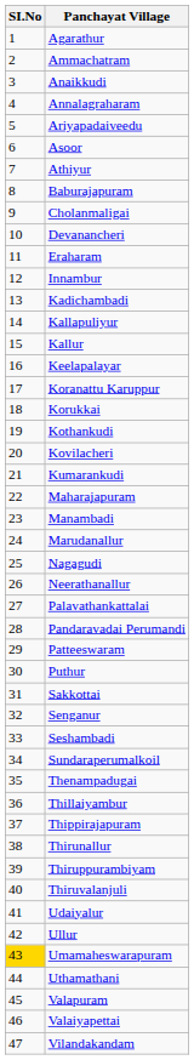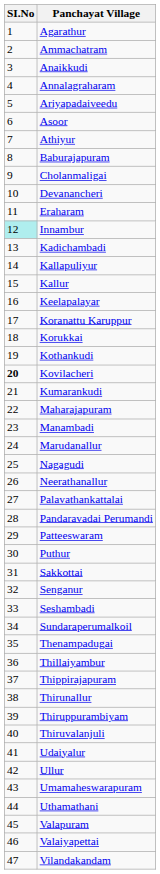 <table class="wikitable sortable">
 <tr>
 <th>SI.No</th>
 <th>Panchayat Village</th>
 </tr>
 <tr>
 <td>1</td>
 <td><a href='#'>Agarathur</a></td>
 </tr>
 <tr>
 <td>2</td>
 <td><a href='#'>Ammachatram</a></td>
 </tr>
 <tr>
 <td>3</td>
 <td><a href='#'>Anaikkudi</a></td>
 </tr>
 <tr>
 <td>4</td>
 <td><a href='#'>Annalagraharam</a></td>
 </tr>
 <tr>
 <td>5</td>
 <td><a href='#'>Ariyapadaiveedu</a></td>
 </tr>
 <tr>
 <td>6</td>
 <td><a href='#'>Asoor</a></td>
 </tr>
 <tr>
 <td>7</td>
 <td><a href='#'>Athiyur</a></td>
 </tr>
 <tr>
 <td>8</td>
 <td><a href='#'>Baburajapuram</a></td>
 </tr>
 <tr>
 <td>9</td>
 <td><a href='#'>Cholanmaligai</a></td>
 </tr>
 <tr>
 <td>10</td>
 <td><a href='#'>Devanancheri</a></td>
 </tr>
 <tr>
 <td>11</td>
 <td><a href='#'>Eraharam</a></td>
 </tr>
 <tr>
-<td>12</td>
+<td style="background: paleturquoise;">12</td>
 <td><a href='#'>Innambur</a></td>
 </tr>
 <tr>
 <td>13</td>
 <td><a href='#'>Kadichambadi</a></td>
 </tr>
 <tr>
 <td>14</td>
 <td><a href='#'>Kallapuliyur</a></td>
 </tr>
 <tr>
 <td>15</td>
 <td><a href='#'>Kallur</a></td>
 </tr>
 <tr>
 <td>16</td>
 <td><a href='#'>Keelapalayar</a></td>
 </tr>
 <tr>
 <td>17</td>
 <td><a href='#'>Koranattu Karuppur</a></td>
 </tr>
 <tr>
 <td>18</td>
 <td><a href='#'>Korukkai</a></td>
 </tr>
 <tr>
 <td>19</td>
 <td><a href='#'>Kothankudi</a></td>
 </tr>
 <tr>
-<td>20</td>
+<td><strong>20</strong></td>
 <td><a href='#'>Kovilacheri</a></td>
 </tr>
 <tr>
 <td>21</td>
 <td><a href='#'>Kumarankudi</a></td>
 </tr>
 <tr>
 <td>22</td>
 <td><a href='#'>Maharajapuram</a></td>
 </tr>
 <tr>
 <td>23</td>
 <td><a href='#'>Manambadi</a></td>
 </tr>
 <tr>
 <td>24</td>
 <td><a href='#'>Marudanallur</a></td>
 </tr>
 <tr>
 <td>25</td>
 <td><a href='#'>Nagagudi</a></td>
 </tr>
 <tr>
 <td>26</td>
 <td><a href='#'>Neerathanallur</a></td>
 </tr>
 <tr>
 <td>27</td>
 <td><a href='#'>Palavathankattalai</a></td>
 </tr>
 <tr>
 <td>28</td>
 <td><a href='#'>Pandaravadai Perumandi</a></td>
 </tr>
 <tr>
 <td>29</td>
 <td><a href='#'>Patteeswaram</a></td>
 </tr>
 <tr>
 <td>30</td>
 <td><a href='#'>Puthur</a></td>
 </tr>
 <tr>
 <td>31</td>
 <td><a href='#'>Sakkottai</a></td>
 </tr>
 <tr>
 <td>32</td>
 <td><a href='#'>Senganur</a></td>
 </tr>
 <tr>
 <td>33</td>
 <td><a href='#'>Seshambadi</a></td>
 </tr>
 <tr>
 <td>34</td>
 <td><a href='#'>Sundaraperumalkoil</a></td>
 </tr>
 <tr>
 <td>35</td>
 <td><a href='#'>Thenampadugai</a></td>
 </tr>
 <tr>
 <td>36</td>
 <td><a href='#'>Thillaiyambur</a></td>
 </tr>
 <tr>
 <td>37</td>
 <td><a href='#'>Thippirajapuram</a></td>
 </tr>
 <tr>
 <td>38</td>
 <td><a href='#'>Thirunallur</a></td>
 </tr>
 <tr>
 <td>39</td>
 <td><a href='#'>Thiruppurambiyam</a></td>
 </tr>
 <tr>
 <td>40</td>
 <td><a href='#'>Thiruvalanjuli</a></td>
 </tr>
 <tr>
 <td>41</td>
 <td><a href='#'>Udaiyalur</a></td>
 </tr>
 <tr>
 <td>42</td>
 <td><a href='#'>Ullur</a></td>
 </tr>
 <tr>
-<td style="background: gold;">43</td>
+<td>43</td>
 <td><a href='#'>Umamaheswarapuram</a></td>
 </tr>
 <tr>
 <td>44</td>
 <td><a href='#'>Uthamathani</a></td>
 </tr>
 <tr>
 <td>45</td>
 <td><a href='#'>Valapuram</a></td>
 </tr>
 <tr>
 <td>46</td>
 <td><a href='#'>Valaiyapettai</a></td>
 </tr>
 <tr>
 <td>47</td>
 <td><a href='#'>Vilandakandam</a></td>
 </tr>
 </table>
